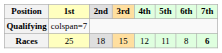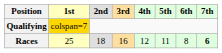 <table class="wikitable" style="font-size:85%; text-align:center">
 <tr>
 <th>Position</th>
 <td style="background:#ffffbf;"> <strong>1st</strong> </td>
 <td style="background:#dfdfdf;"> <strong>2nd</strong> </td>
 <td style="background:#ffdf9f;"> <strong>3rd</strong> </td>
 <td style="background:#dfffdf;"> <strong>4th</strong> </td>
 <td style="background:#dfffdf;"> <strong>5th</strong> </td>
 <td style="background:#dfffdf;"> <strong>6th</strong> </td>
 <td style="background:#dfffdf;"> <strong>7th</strong> </td>
 </tr>
 <tr>
 <th>Qualifying</th>
-<td>colspan=7 </td>
+<td style="background: gold;">colspan=7 </td>
 </tr>
 <tr>
 <th>Races</th>
 <td style="background:#ffffbf;">25</td>
 <td style="background:#dfdfdf;">18</td>
-<td style="background:#ffdf9f;">15</td>
+<td style="background:#ffdf9f;">16</td>
 <td style="background:#dfffdf;">12</td>
 <td style="background:#dfffdf;">11</td>
 <td style="background:#dfffdf;">8</td>
 <td style="background:#dfffdf;"><strong>6</strong></td>
 </tr>
 </table>
